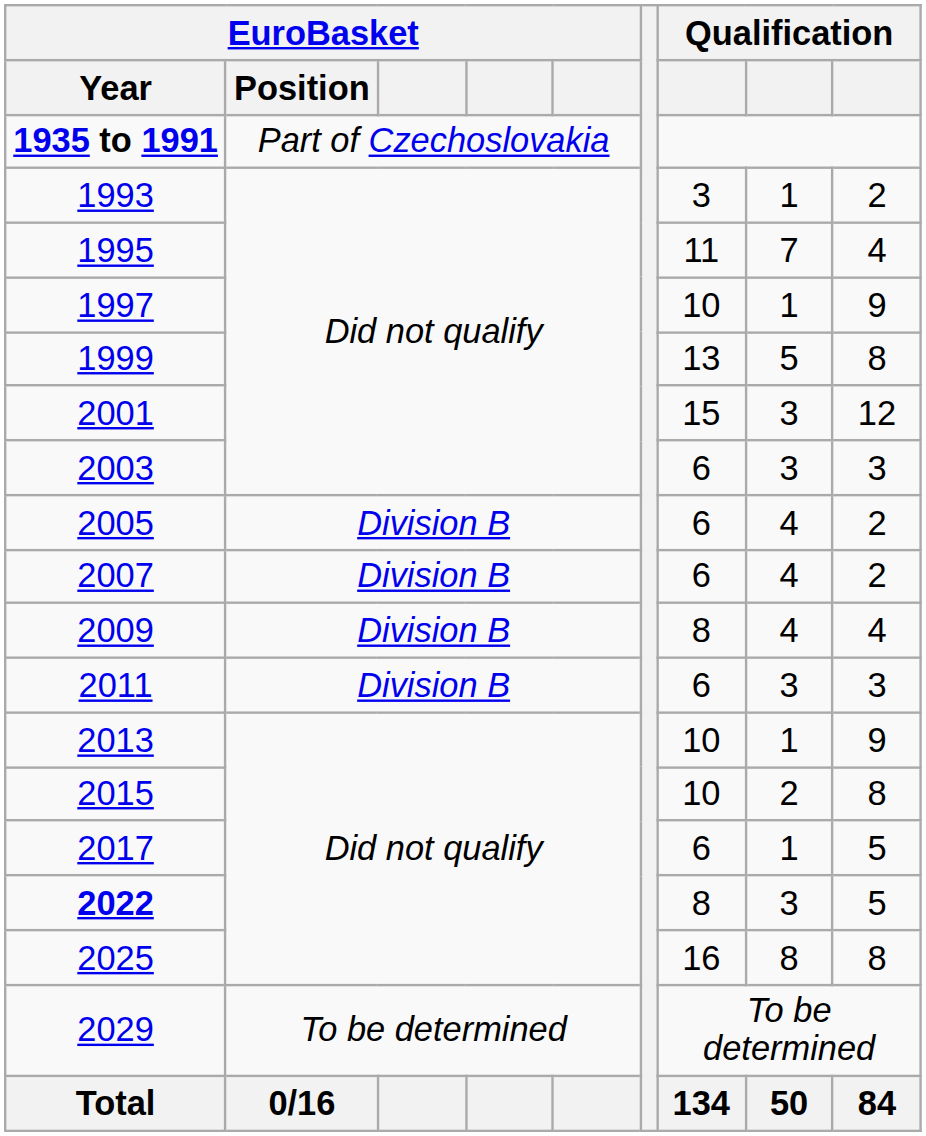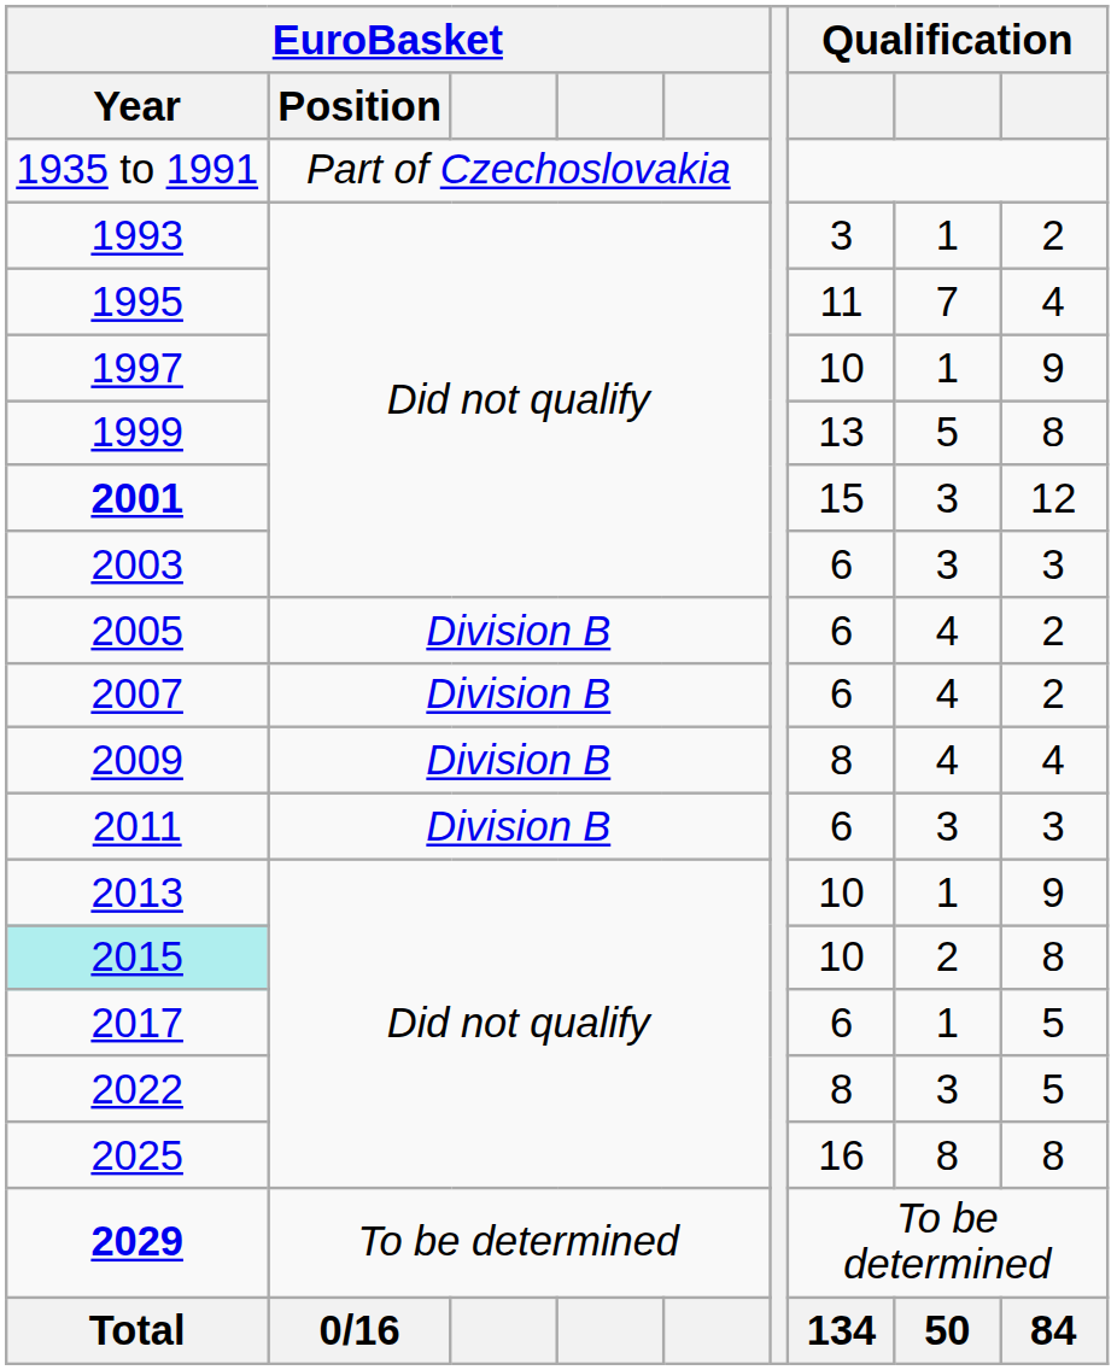 <table class="wikitable" style="text-align: center;font-size:90%;">
 <tr>
 <th colspan=5><a href='#'>EuroBasket</a></th>
 <th rowspan=20></th>
 <th colspan=3>Qualification</th>
 </tr>
 <tr>
 <th>Year</th>
 <th>Position</th>
 <th width=30></th>
 <th width=30></th>
 <th width=30></th>
 <th width=30></th>
 <th width=30></th>
 <th width=30></th>
 </tr>
 <tr>
-<td><strong><a href='#'>1935</a> to <a href='#'>1991</a></strong></td>
+<td><a href='#'>1935</a> to <a href='#'>1991</a></td>
 <td colspan=4><em>Part of <a href='#'>Czechoslovakia</a></em></td>
 </tr>
 <tr>
 <td> <a href='#'>1993</a></td>
 <td colspan=4 rowspan=6><em>Did not qualify</em></td>
 <td>3</td>
 <td>1</td>
 <td>2</td>
 </tr>
 <tr>
 <td> <a href='#'>1995</a></td>
 <td>11</td>
 <td>7</td>
 <td>4</td>
 </tr>
 <tr>
 <td> <a href='#'>1997</a></td>
 <td>10</td>
 <td>1</td>
 <td>9</td>
 </tr>
 <tr>
 <td> <a href='#'>1999</a></td>
 <td>13</td>
 <td>5</td>
 <td>8</td>
 </tr>
 <tr>
-<td> <a href='#'>2001</a></td>
+<td><strong> <a href='#'>2001</a></strong></td>
 <td>15</td>
 <td>3</td>
 <td>12</td>
 </tr>
 <tr>
 <td> <a href='#'>2003</a></td>
 <td>6</td>
 <td>3</td>
 <td>3</td>
 </tr>
 <tr>
 <td> <a href='#'>2005</a></td>
 <td colspan=4><em><a href='#'>Division B</a></em></td>
 <td>6</td>
 <td>4</td>
 <td>2</td>
 </tr>
 <tr>
 <td> <a href='#'>2007</a></td>
 <td colspan=4><em><a href='#'>Division B</a></em></td>
 <td>6</td>
 <td>4</td>
 <td>2</td>
 </tr>
 <tr>
 <td> <a href='#'>2009</a></td>
 <td colspan=4><em><a href='#'>Division B</a></em></td>
 <td>8</td>
 <td>4</td>
 <td>4</td>
 </tr>
 <tr>
 <td> <a href='#'>2011</a></td>
 <td colspan=4><em><a href='#'>Division B</a></em></td>
 <td>6</td>
 <td>3</td>
 <td>3</td>
 </tr>
 <tr>
 <td> <a href='#'>2013</a></td>
 <td colspan=4 rowspan=5><em>Did not qualify</em></td>
 <td>10</td>
 <td>1</td>
 <td>9</td>
 </tr>
 <tr>
-<td> <a href='#'>2015</a></td>
+<td style="background: paleturquoise;"> <a href='#'>2015</a></td>
 <td>10</td>
 <td>2</td>
 <td>8</td>
 </tr>
 <tr>
 <td> <a href='#'>2017</a></td>
 <td>6</td>
 <td>1</td>
 <td>5</td>
 </tr>
 <tr>
-<td><strong> <a href='#'>2022</a></strong></td>
+<td> <a href='#'>2022</a></td>
 <td>8</td>
 <td>3</td>
 <td>5</td>
 </tr>
 <tr>
 <td> <a href='#'>2025</a></td>
 <td>16</td>
 <td>8</td>
 <td>8</td>
 </tr>
 <tr>
-<td> <a href='#'>2029</a></td>
+<td><strong> <a href='#'>2029</a></strong></td>
 <td colspan=4><em>To be determined</em></td>
 <td colspan=3><em>To be determined</em></td>
 </tr>
 <tr>
 <th>Total</th>
 <th>0/16</th>
 <th></th>
 <th></th>
 <th></th>
 <th>134</th>
 <th>50</th>
 <th>84</th>
 </tr>
 </table>
